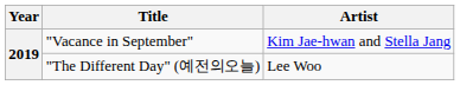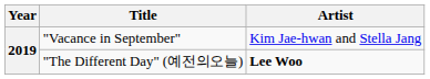 <table class="wikitable sortable plainrowheaders">
 <tr>
 <th scope="col">Year</th>
 <th scope="col">Title</th>
 <th scope="col">Artist</th>
 </tr>
 <tr>
 <th scope="row" rowspan="2">2019</th>
 <td>"Vacance in September"</td>
 <td><a href='#'>Kim Jae-hwan</a> and <a href='#'>Stella Jang</a></td>
 </tr>
 <tr>
 <td>"The Different Day"  (예전의오늘)</td>
-<td>Lee Woo</td>
+<td><strong>Lee Woo</strong></td>
 </tr>
 </table>
